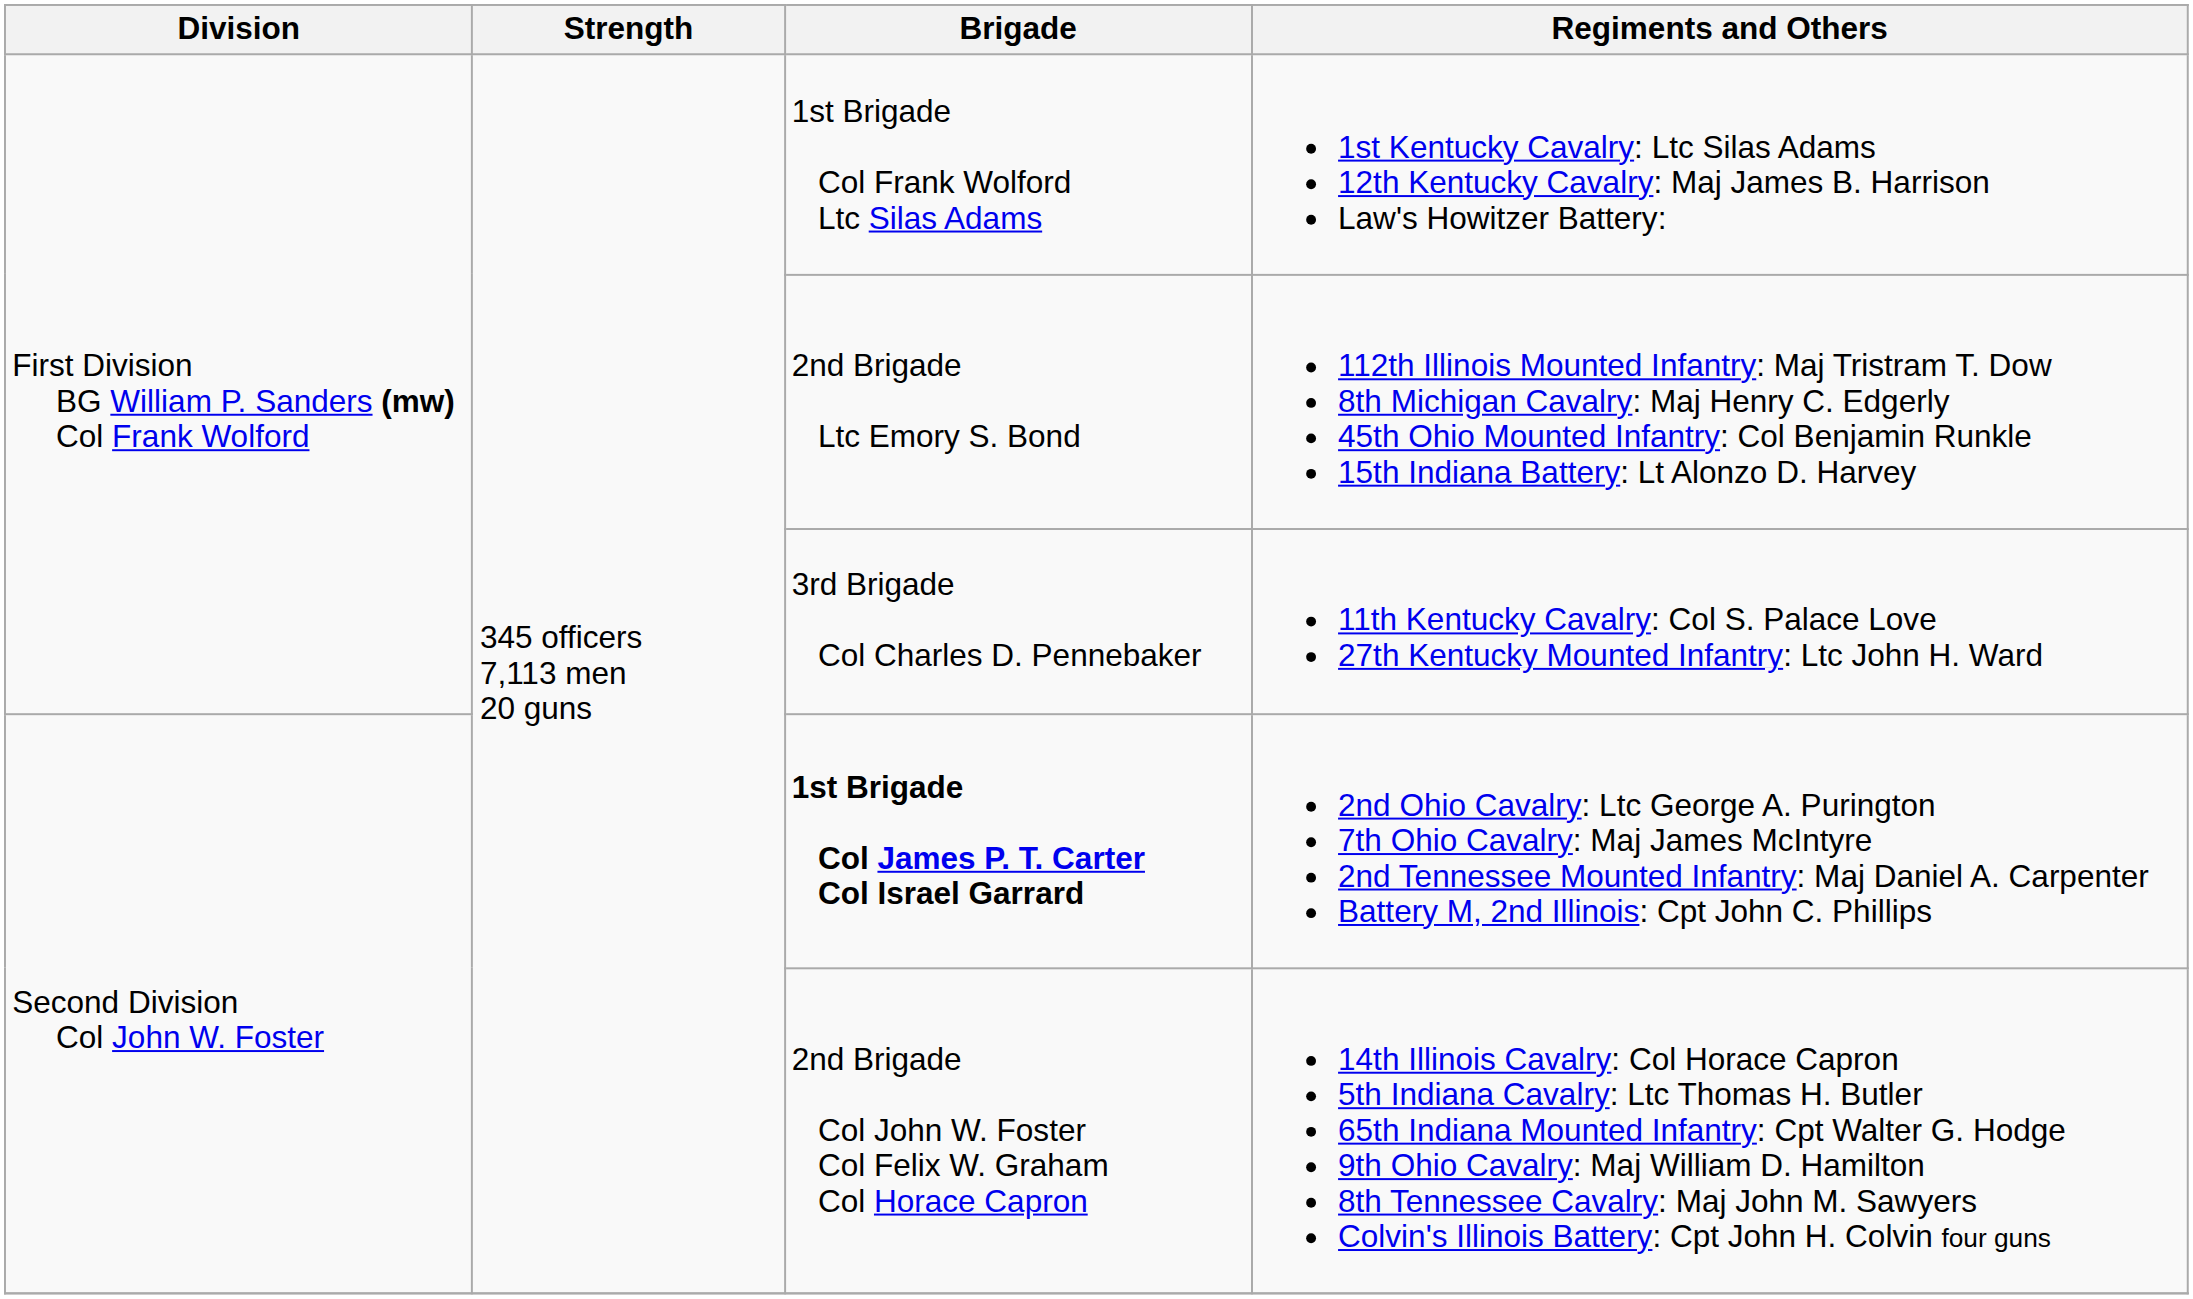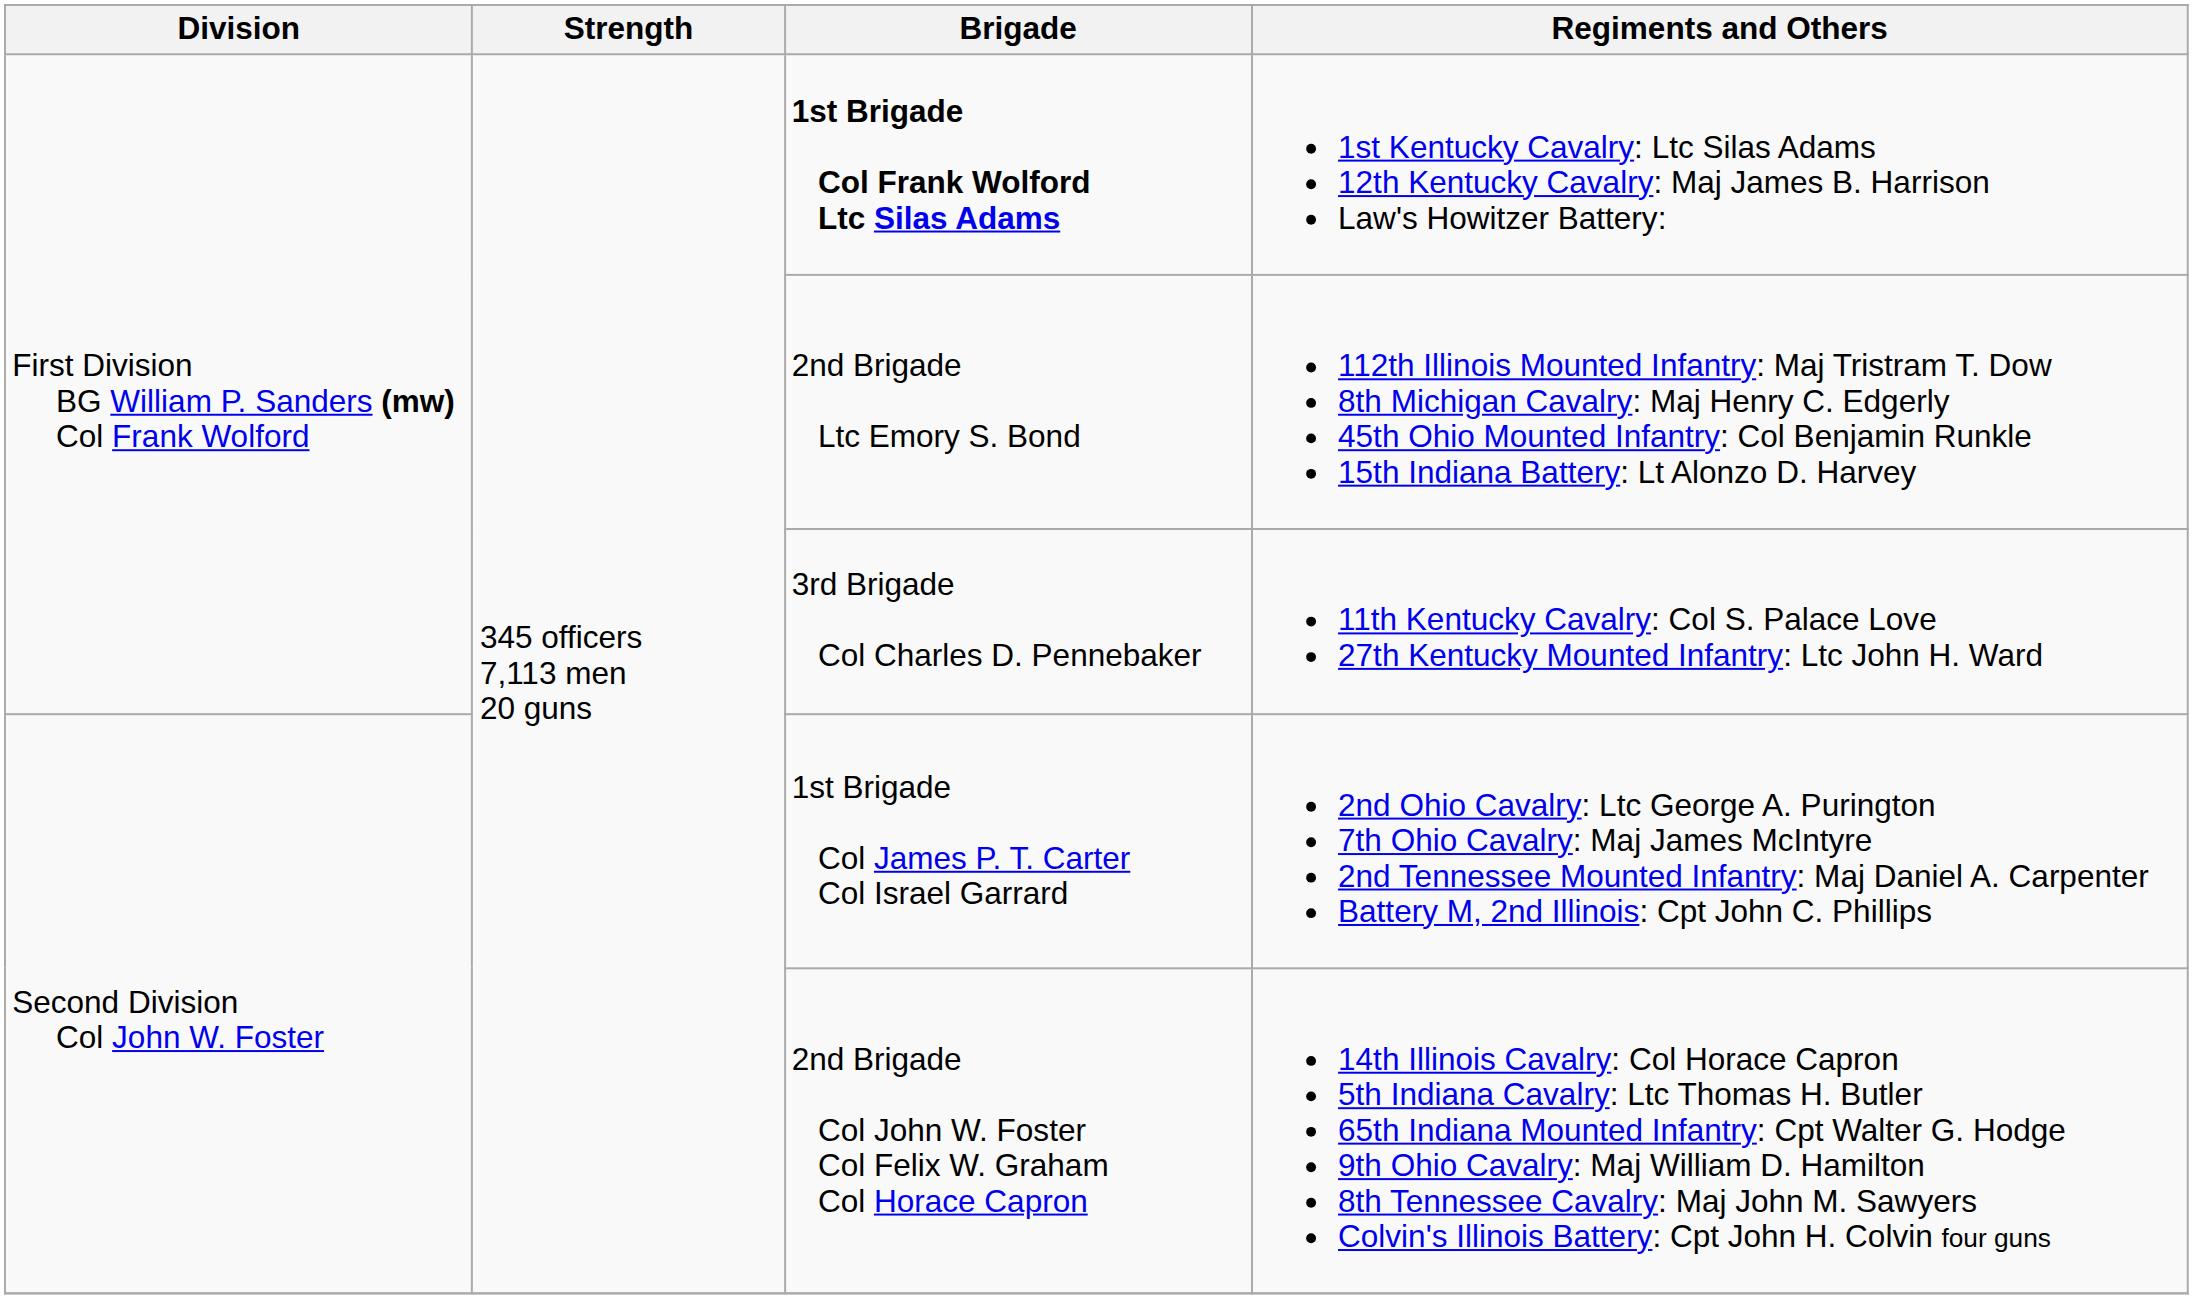 <table class="wikitable" style="text-align:left; width:70%;">
 <tr>
 <th width=15%>Division</th>
 <th width=10%>Strength</th>
 <th width=15%>Brigade</th>
 <th width=30%>Regiments and Others</th>
 </tr>
 <tr>
 <td rowspan=3><br>First Division <br>     BG <a href='#'>William P. Sanders</a> <strong>(mw)</strong><br>     Col <a href='#'>Frank Wolford</a></td>
 <td rowspan=5>345 officers<br>7,113 men<br>20 guns</td>
-<td>1st Brigade<br><br>   Col Frank Wolford<br>   Ltc <a href='#'>Silas Adams</a></td>
+<td><strong>1st Brigade<br><br>   Col Frank Wolford<br>   Ltc <a href='#'>Silas Adams</a></strong></td>
 <td><br><ul><li><a href='#'>1st Kentucky Cavalry</a>: Ltc Silas Adams</li><li><a href='#'>12th Kentucky Cavalry</a>: Maj James B. Harrison</li><li>Law's Howitzer Battery:</li></ul></td>
 </tr>
 <tr>
 <td>2nd Brigade<br><br>   Ltc Emory S. Bond</td>
 <td><br><ul><li><a href='#'>112th Illinois Mounted Infantry</a>: Maj Tristram T. Dow</li><li><a href='#'>8th Michigan Cavalry</a>: Maj Henry C. Edgerly</li><li><a href='#'>45th Ohio Mounted Infantry</a>: Col Benjamin Runkle</li><li><a href='#'>15th Indiana Battery</a>: Lt Alonzo D. Harvey</li></ul></td>
 </tr>
 <tr>
 <td>3rd Brigade<br><br>   Col Charles D. Pennebaker</td>
 <td><br><ul><li><a href='#'>11th Kentucky Cavalry</a>: Col S. Palace Love</li><li><a href='#'>27th Kentucky Mounted Infantry</a>: Ltc John H. Ward</li></ul></td>
 </tr>
 <tr>
 <td rowspan=2><br>Second Division <br>     Col <a href='#'>John W. Foster</a></td>
-<td><strong>1st Brigade<br><br>   Col <a href='#'>James P. T. Carter</a> <br>   Col Israel Garrard</strong></td>
+<td>1st Brigade<br><br>   Col <a href='#'>James P. T. Carter</a> <br>   Col Israel Garrard</td>
 <td><br><ul><li><a href='#'>2nd Ohio Cavalry</a>: Ltc George A. Purington</li><li><a href='#'>7th Ohio Cavalry</a>: Maj James McIntyre</li><li><a href='#'>2nd Tennessee Mounted Infantry</a>: Maj Daniel A. Carpenter</li><li><a href='#'>Battery M, 2nd Illinois</a>: Cpt John C. Phillips</li></ul></td>
 </tr>
 <tr>
 <td>2nd Brigade<br><br>   Col John W. Foster <br>   Col Felix W. Graham <br>   Col <a href='#'>Horace Capron</a></td>
 <td><br><ul><li><a href='#'>14th Illinois Cavalry</a>: Col Horace Capron</li><li><a href='#'>5th Indiana Cavalry</a>: Ltc Thomas H. Butler</li><li><a href='#'>65th Indiana Mounted Infantry</a>: Cpt Walter G. Hodge</li><li><a href='#'>9th Ohio Cavalry</a>: Maj William D. Hamilton</li><li><a href='#'>8th Tennessee Cavalry</a>: Maj John M. Sawyers</li><li><a href='#'>Colvin's Illinois Battery</a>: Cpt John H. Colvin <small>four guns</small></li></ul></td>
 </tr>
 <tr>
 </tr>
 </table>
